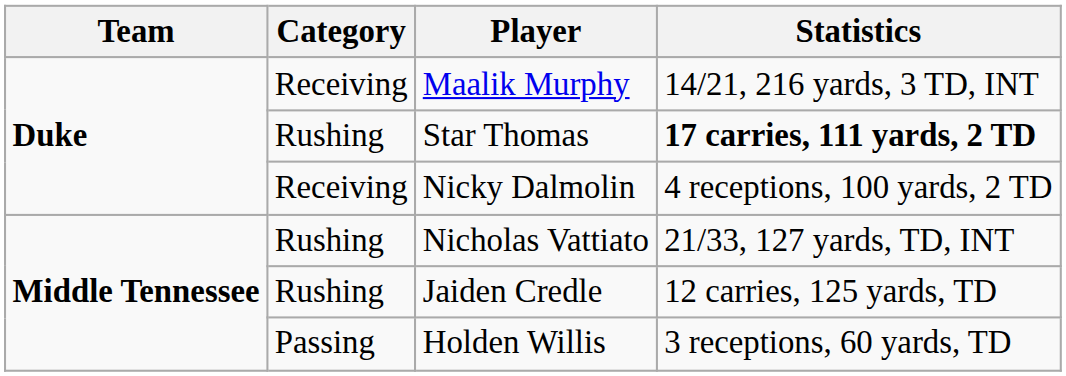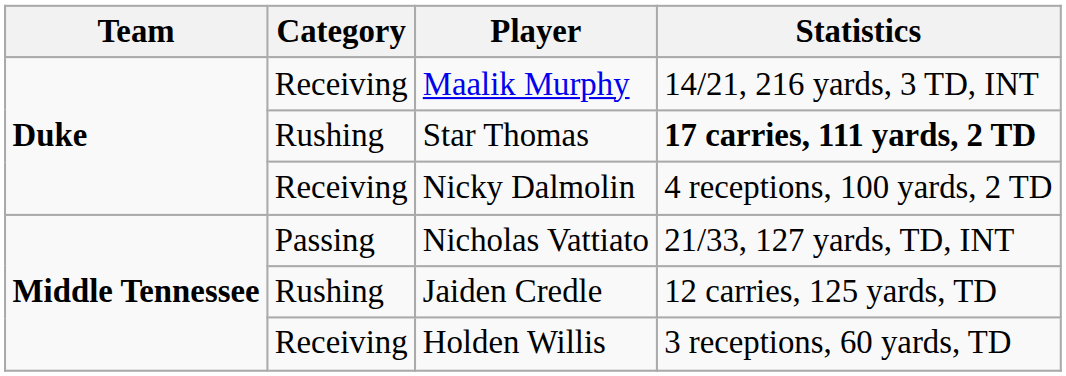 <table class="wikitable" style="float: left;">
 <tr>
 <th>Team</th>
 <th>Category</th>
 <th>Player</th>
 <th>Statistics</th>
 </tr>
 <tr>
 <td rowspan=3><strong>Duke</strong></td>
 <td>Receiving</td>
 <td><a href='#'>Maalik Murphy</a></td>
 <td>14/21, 216 yards, 3 TD, INT</td>
 </tr>
 <tr>
 <td>Rushing</td>
 <td>Star Thomas</td>
 <td><strong>17 carries, 111 yards, 2 TD</strong></td>
 </tr>
 <tr>
 <td>Receiving</td>
 <td>Nicky Dalmolin</td>
 <td>4 receptions, 100 yards, 2 TD</td>
 </tr>
 <tr>
 <td rowspan=3><strong>Middle Tennessee</strong></td>
-<td>Rushing</td>
+<td>Passing</td>
 <td>Nicholas Vattiato</td>
 <td>21/33, 127 yards, TD, INT</td>
 </tr>
 <tr>
 <td>Rushing</td>
 <td>Jaiden Credle</td>
 <td>12 carries, 125 yards, TD</td>
 </tr>
 <tr>
-<td>Passing</td>
+<td>Receiving</td>
 <td>Holden Willis</td>
 <td>3 receptions, 60 yards, TD</td>
 </tr>
 </table>
